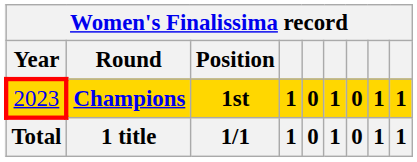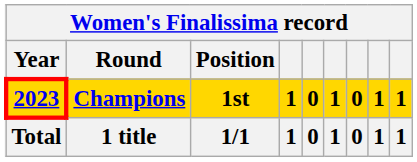 <table class="wikitable" style="text-align: center;">
 <tr>
 <th colspan=9><a href='#'>Women's Finalissima</a> record</th>
 </tr>
 <tr>
 <th>Year</th>
 <th>Round</th>
 <th>Position</th>
 <th></th>
 <th></th>
 <th></th>
 <th></th>
 <th></th>
 <th></th>
 </tr>
 <tr bgcolor=gold>
-<td style="border: 3px solid red"> <a href='#'>2023</a></td>
+<td style="border: 3px solid red"><strong> <a href='#'>2023</a></strong></td>
 <td><strong><a href='#'>Champions</a></strong></td>
 <td><strong>1st</strong></td>
 <td><strong>1</strong></td>
 <td><strong>0</strong></td>
 <td><strong>1</strong></td>
 <td><strong>0</strong></td>
 <td><strong>1</strong></td>
 <td><strong>1</strong></td>
 </tr>
 <tr>
 <th>Total</th>
 <th>1 title</th>
 <th>1/1</th>
 <th>1</th>
 <th>0</th>
 <th>1</th>
 <th>0</th>
 <th>1</th>
 <th>1</th>
 </tr>
 </table>
